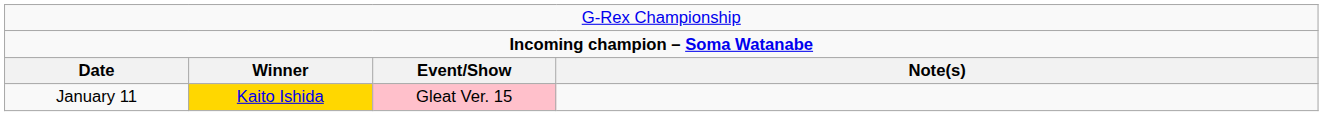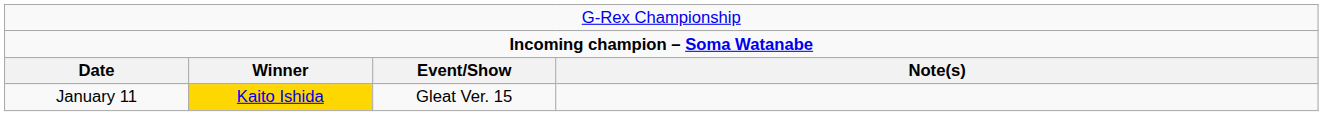 <table class="wikitable" style="text-align:center; width:100%;">
 <tr>
 <td colspan="4" style="text-align: center;"><a href='#'>G-Rex Championship</a></td>
 </tr>
 <tr>
 <td colspan="4" style="text-align: center;"><strong>Incoming champion – <a href='#'>Soma Watanabe</a></strong></td>
 </tr>
 <tr>
 <th width=14%>Date</th>
 <th width=14%>Winner</th>
 <th width=14%>Event/Show</th>
 <th width=58%>Note(s)</th>
 </tr>
 <tr>
 <td>January 11</td>
 <td style="background: gold;"><a href='#'>Kaito Ishida</a></td>
-<td style="background: pink;">Gleat Ver. 15</td>
+<td>Gleat Ver. 15</td>
 <td></td>
 </tr>
 </table>
